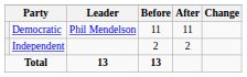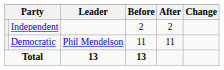 <table class="wikitable" style="text-align:center;">
 <tr>
 </tr>
 <tr>
 <th colspan=2>Party</th>
 <th>Leader</th>
 <th>Before</th>
 <th>After</th>
 <th>Change</th>
 </tr>
 <tr>
 <th style="background-color:"></th>
+<td style="text-align:left;"><a href='#'>Independent</a></td>
+<td style="text-align:left;"></td>
+<td>2</td>
+<td>2</td>
+<td></td>
+</tr>
+<tr>
+<th style="background-color:"></th>
 <td style="text-align:left;"><a href='#'>Democratic</a></td>
 <td style="text-align:left;"><a href='#'>Phil Mendelson</a></td>
 <td>11</td>
 <td>11</td>
-<td></td>
-</tr>
-<tr>
-<th style="background-color:"></th>
-<td style="text-align:left;"><a href='#'>Independent</a></td>
-<td style="text-align:left;"></td>
-<td>2</td>
-<td>2</td>
 <td></td>
 </tr>
 <tr>
 <td colspan=2><strong>Total</strong></td>
 <td><strong>13</strong></td>
 <td><strong>13</strong></td>
 <td></td>
 </tr>
 </table>
